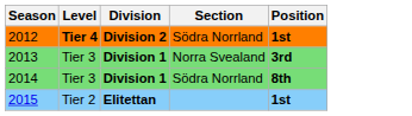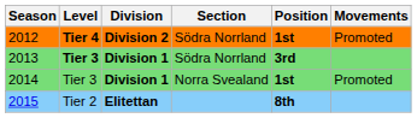 <table class="wikitable">
 <tr style="background:#f0f6fa;">
 <th>Season</th>
 <th>Level</th>
 <th>Division</th>
 <th>Section</th>
 <th>Position</th>
+<th>Movements</th>
 </tr>
 <tr style="background:#FF7F00;">
 <td>2012</td>
 <td><strong>Tier 4</strong></td>
 <td><strong>Division 2</strong></td>
 <td>Södra Norrland</td>
 <td><strong>1st</strong></td>
+<td>Promoted</td>
 </tr>
 <tr style="background:#77DD77;">
 <td>2013</td>
-<td>Tier 3</td>
+<td><strong>Tier 3</strong></td>
 <td><strong> Division 1</strong></td>
-<td>Norra Svealand</td>
+<td>Södra Norrland</td>
 <td><strong>3rd</strong></td>
+<td></td>
 </tr>
 <tr style="background:#77DD77;">
 <td>2014</td>
 <td>Tier 3</td>
 <td><strong> Division 1</strong></td>
-<td>Södra Norrland</td>
-<td><strong>8th</strong></td>
+<td>Norra Svealand</td>
+<td><strong>1st</strong></td>
+<td>Promoted</td>
 </tr>
 <tr style="background:#87CEFA;">
 <td><a href='#'>2015</a></td>
 <td>Tier 2</td>
 <td><strong> Elitettan</strong></td>
 <td></td>
-<td><strong>1st</strong></td>
+<td><strong>8th</strong></td>
+<td></td>
 </tr>
 </table>
